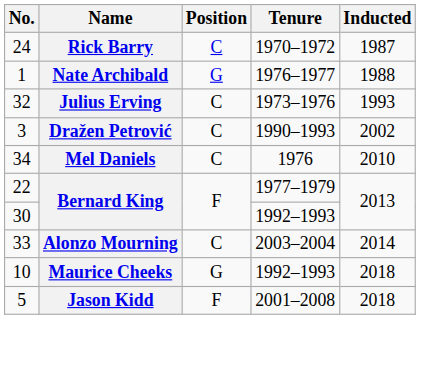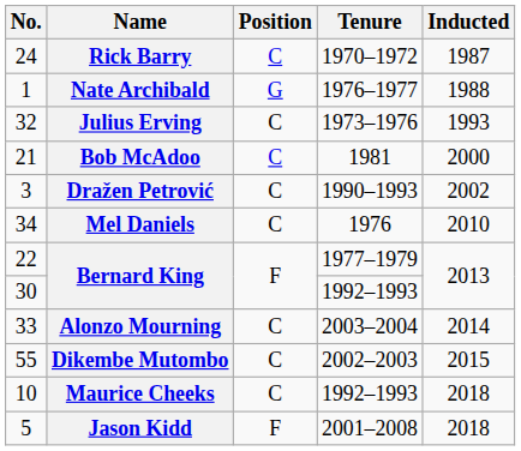 <table class="wikitable" style="text-align:center">
 <tr>
 <th scope="col">No.</th>
 <th scope="col">Name</th>
 <th scope="col">Position</th>
 <th scope="col">Tenure</th>
 <th scope="col">Inducted</th>
 </tr>
 <tr>
 <td>24</td>
 <th scope="row"><a href='#'>Rick Barry</a></th>
 <td><a href='#'>C</a></td>
 <td>1970–1972</td>
 <td>1987</td>
 </tr>
 <tr>
 <td>1</td>
 <th scope="row"><a href='#'>Nate Archibald</a></th>
 <td><a href='#'>G</a></td>
 <td>1976–1977</td>
 <td>1988</td>
 </tr>
 <tr>
 <td>32</td>
 <th scope="row"><a href='#'>Julius Erving</a></th>
 <td>C</td>
 <td>1973–1976</td>
 <td>1993</td>
+</tr>
+<tr>
+<td>21</td>
+<th scope="row"><a href='#'>Bob McAdoo</a></th>
+<td><a href='#'>C</a></td>
+<td>1981</td>
+<td>2000</td>
 </tr>
 <tr>
 <td>3</td>
 <th scope="row"><a href='#'>Dražen Petrović</a></th>
 <td>C</td>
 <td>1990–1993</td>
 <td>2002</td>
 </tr>
 <tr>
 <td>34</td>
 <th scope="row"><a href='#'>Mel Daniels</a></th>
 <td>C</td>
 <td>1976</td>
 <td>2010</td>
 </tr>
 <tr>
 <td>22</td>
 <th scope="row" rowspan="2"><a href='#'>Bernard King</a></th>
 <td rowspan="2">F</td>
 <td>1977–1979</td>
 <td rowspan="2">2013</td>
 </tr>
 <tr>
 <td>30</td>
 <td>1992–1993</td>
 </tr>
 <tr>
 <td>33</td>
 <th scope="row"><a href='#'>Alonzo Mourning</a></th>
 <td>C</td>
 <td>2003–2004</td>
 <td>2014</td>
 </tr>
 <tr>
+<td>55</td>
+<th scope="row"><a href='#'>Dikembe Mutombo</a></th>
+<td>C</td>
+<td>2002–2003</td>
+<td>2015</td>
+</tr>
+<tr>
 <td>10</td>
 <th scope="row"><a href='#'>Maurice Cheeks</a></th>
-<td>G</td>
+<td>C</td>
 <td>1992–1993</td>
 <td>2018</td>
 </tr>
 <tr>
 <td>5</td>
 <th scope="row"><a href='#'>Jason Kidd</a></th>
 <td>F</td>
 <td>2001–2008</td>
 <td>2018</td>
 </tr>
 </table>
